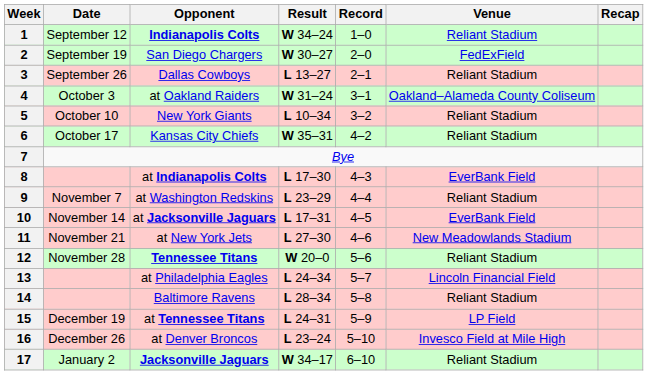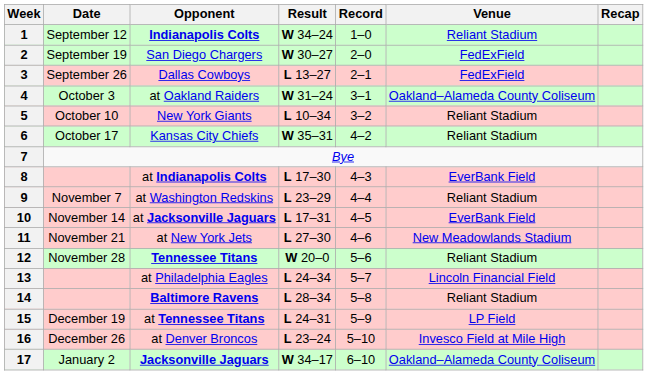 <table class="wikitable" style="text-align:center">
 <tr>
 <th>Week</th>
 <th>Date</th>
 <th>Opponent</th>
 <th>Result</th>
 <th>Record</th>
 <th>Venue</th>
 <th>Recap</th>
 </tr>
 <tr style="background:#cfc">
 <th>1</th>
 <td>September 12</td>
 <td><strong><a href='#'>Indianapolis Colts</a></strong></td>
 <td><strong>W</strong> 34–24</td>
 <td>1–0</td>
 <td><a href='#'>Reliant Stadium</a></td>
 <td></td>
 </tr>
 <tr style="background:#cfc">
 <th>2</th>
 <td>September 19</td>
 <td><a href='#'>San Diego Chargers</a></td>
 <td><strong>W</strong> 30–27 </td>
 <td>2–0</td>
 <td><a href='#'>FedExField</a></td>
 <td></td>
 </tr>
 <tr style="background:#fcc">
 <th>3</th>
 <td>September 26</td>
 <td><a href='#'>Dallas Cowboys</a></td>
 <td><strong>L</strong> 13–27</td>
 <td>2–1</td>
-<td>Reliant Stadium</td>
+<td><a href='#'>FedExField</a></td>
 <td></td>
 </tr>
 <tr style="background:#cfc">
 <th>4</th>
 <td>October 3</td>
 <td>at <a href='#'>Oakland Raiders</a></td>
 <td><strong>W</strong> 31–24</td>
 <td>3–1</td>
 <td><a href='#'>Oakland–Alameda County Coliseum</a></td>
 <td></td>
 </tr>
 <tr style="background:#fcc">
 <th>5</th>
 <td>October 10</td>
 <td><a href='#'>New York Giants</a></td>
 <td><strong>L</strong> 10–34</td>
 <td>3–2</td>
 <td>Reliant Stadium</td>
 <td></td>
 </tr>
 <tr style="background:#cfc">
 <th>6</th>
 <td>October 17</td>
 <td><a href='#'>Kansas City Chiefs</a></td>
 <td><strong>W</strong> 35–31</td>
 <td>4–2</td>
 <td>Reliant Stadium</td>
 <td></td>
 </tr>
 <tr>
 <th>7</th>
 <td colspan="6"><em><a href='#'>Bye</a></em></td>
 </tr>
 <tr style="background:#fcc">
 <th>8</th>
 <td></td>
 <td>at <strong><a href='#'>Indianapolis Colts</a></strong></td>
 <td><strong>L</strong> 17–30</td>
 <td>4–3</td>
 <td><a href='#'>EverBank Field</a></td>
 <td></td>
 </tr>
 <tr style="background:#fcc">
 <th>9</th>
 <td>November 7</td>
 <td>at <a href='#'>Washington Redskins</a></td>
 <td><strong>L</strong> 23–29</td>
 <td>4–4</td>
 <td>Reliant Stadium</td>
 <td></td>
 </tr>
 <tr style="background:#fcc">
 <th>10</th>
 <td>November 14</td>
 <td>at <strong><a href='#'>Jacksonville Jaguars</a></strong></td>
 <td><strong>L</strong> 17–31</td>
 <td>4–5</td>
 <td><a href='#'>EverBank Field</a></td>
 <td></td>
 </tr>
 <tr style="background:#fcc">
 <th>11</th>
 <td>November 21</td>
 <td>at <a href='#'>New York Jets</a></td>
 <td><strong>L</strong> 27–30</td>
 <td>4–6</td>
 <td><a href='#'>New Meadowlands Stadium</a></td>
 <td></td>
 </tr>
 <tr style="background:#cfc">
 <th>12</th>
 <td>November 28</td>
 <td><strong><a href='#'>Tennessee Titans</a></strong></td>
 <td><strong>W</strong> 20–0</td>
 <td>5–6</td>
 <td>Reliant Stadium</td>
 <td></td>
 </tr>
 <tr style="background:#fcc">
 <th>13</th>
 <td></td>
 <td>at <a href='#'>Philadelphia Eagles</a></td>
 <td><strong>L</strong> 24–34</td>
 <td>5–7</td>
 <td><a href='#'>Lincoln Financial Field</a></td>
 <td></td>
 </tr>
 <tr style="background:#fcc">
 <th>14</th>
 <td></td>
-<td><a href='#'>Baltimore Ravens</a></td>
+<td><strong><a href='#'>Baltimore Ravens</a></strong></td>
 <td><strong>L</strong> 28–34 </td>
 <td>5–8</td>
 <td>Reliant Stadium</td>
 <td></td>
 </tr>
 <tr style="background:#fcc">
 <th>15</th>
 <td>December 19</td>
 <td>at <strong><a href='#'>Tennessee Titans</a></strong></td>
 <td><strong>L</strong> 24–31</td>
 <td>5–9</td>
 <td><a href='#'>LP Field</a></td>
 <td></td>
 </tr>
 <tr style="background:#fcc">
 <th>16</th>
 <td>December 26</td>
 <td>at <a href='#'>Denver Broncos</a></td>
 <td><strong>L</strong> 23–24</td>
 <td>5–10</td>
 <td><a href='#'>Invesco Field at Mile High</a></td>
 <td></td>
 </tr>
 <tr style="background:#cfc">
 <th>17</th>
 <td>January 2</td>
 <td><strong><a href='#'>Jacksonville Jaguars</a></strong></td>
 <td><strong>W</strong> 34–17</td>
 <td>6–10</td>
-<td>Reliant Stadium</td>
+<td><a href='#'>Oakland–Alameda County Coliseum</a></td>
 <td></td>
 </tr>
 </table>
